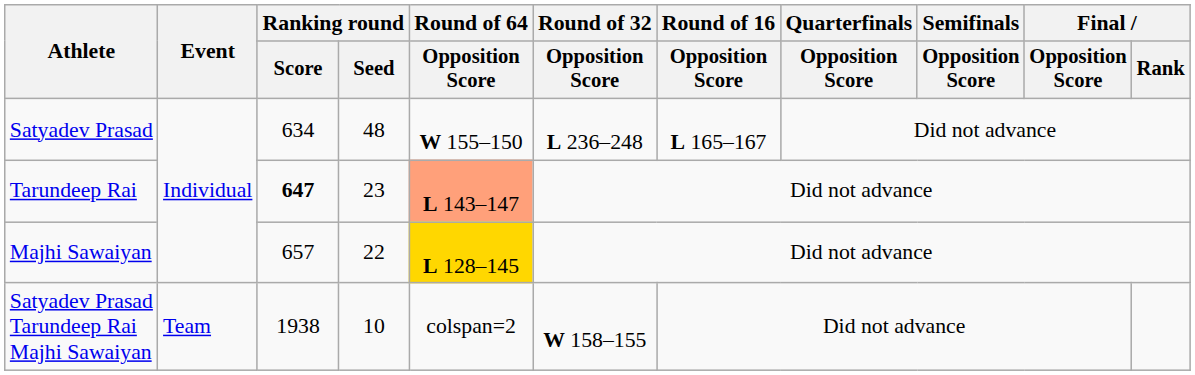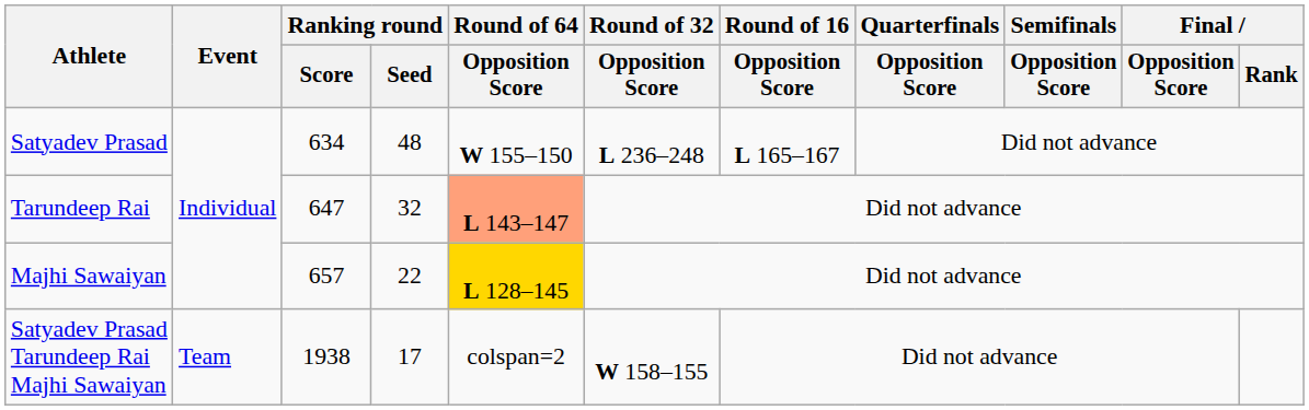 <table class="wikitable" style="font-size:90%">
 <tr>
 <th rowspan="2">Athlete</th>
 <th rowspan="2">Event</th>
 <th colspan="2">Ranking round</th>
 <th>Round of 64</th>
 <th>Round of 32</th>
 <th>Round of 16</th>
 <th>Quarterfinals</th>
 <th>Semifinals</th>
 <th colspan="2">Final / </th>
 </tr>
 <tr style="font-size:95%">
 <th>Score</th>
 <th>Seed</th>
 <th>Opposition<br>Score</th>
 <th>Opposition<br>Score</th>
 <th>Opposition<br>Score</th>
 <th>Opposition<br>Score</th>
 <th>Opposition<br>Score</th>
 <th>Opposition<br>Score</th>
 <th>Rank</th>
 </tr>
 <tr align=center>
 <td align=left><a href='#'>Satyadev Prasad</a></td>
 <td align=left rowspan=3><a href='#'>Individual</a></td>
 <td>634</td>
 <td>48</td>
 <td><br><strong>W</strong> 155–150</td>
 <td><br><strong>L</strong> 236–248</td>
 <td><br><strong>L</strong> 165–167</td>
 <td colspan=4>Did not advance</td>
 </tr>
 <tr align=center>
 <td align=left><a href='#'>Tarundeep Rai</a></td>
-<td><strong>647</strong></td>
-<td>23</td>
+<td>647</td>
+<td>32</td>
 <td style="background: lightsalmon;"><br><strong>L</strong> 143–147</td>
 <td colspan=6>Did not advance</td>
 </tr>
 <tr align=center>
 <td align=left><a href='#'>Majhi Sawaiyan</a></td>
 <td>657</td>
 <td>22</td>
 <td style="background: gold;"><br><strong>L</strong> 128–145</td>
 <td colspan=6>Did not advance</td>
 </tr>
 <tr align=center>
 <td align=left><a href='#'>Satyadev Prasad</a><br><a href='#'>Tarundeep Rai</a><br><a href='#'>Majhi Sawaiyan</a></td>
 <td align=left><a href='#'>Team</a></td>
 <td>1938</td>
-<td>10</td>
+<td>17</td>
 <td>colspan=2 </td>
 <td><br><strong>W</strong> 158–155</td>
 <td colspan=4>Did not advance</td>
 </tr>
 </table>
